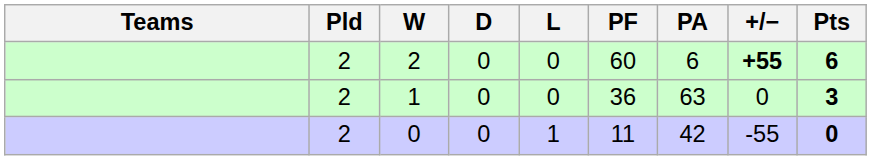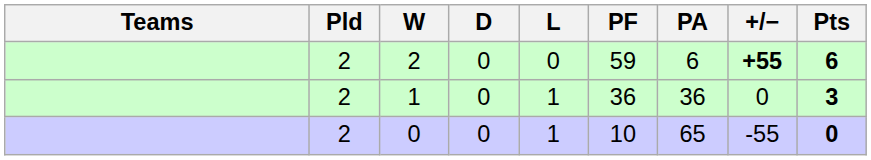 <table class="wikitable" style="text-align:center;">
 <tr>
 <th width="200">Teams</th>
 <th width="40">Pld</th>
 <th width="40">W</th>
 <th width="40">D</th>
 <th width="40">L</th>
 <th width="40">PF</th>
 <th width="40">PA</th>
 <th width="40">+/−</th>
 <th width="40">Pts</th>
 </tr>
 <tr bgcolor=ccffcc>
 <td align=left></td>
 <td>2</td>
 <td>2</td>
 <td>0</td>
 <td>0</td>
-<td>60</td>
+<td>59</td>
 <td>6</td>
 <td><strong>+55</strong></td>
 <td><strong>6</strong></td>
 </tr>
 <tr bgcolor=ccffcc>
 <td align=left></td>
 <td>2</td>
 <td>1</td>
 <td>0</td>
-<td>0</td>
+<td>1</td>
 <td>36</td>
-<td>63</td>
+<td>36</td>
 <td>0</td>
 <td><strong>3</strong></td>
 </tr>
 <tr bgcolor=ccccff>
 <td align=left></td>
 <td>2</td>
 <td>0</td>
 <td>0</td>
 <td>1</td>
-<td>11</td>
-<td>42</td>
+<td>10</td>
+<td>65</td>
 <td>-55</td>
 <td><strong>0</strong></td>
 </tr>
 </table>
